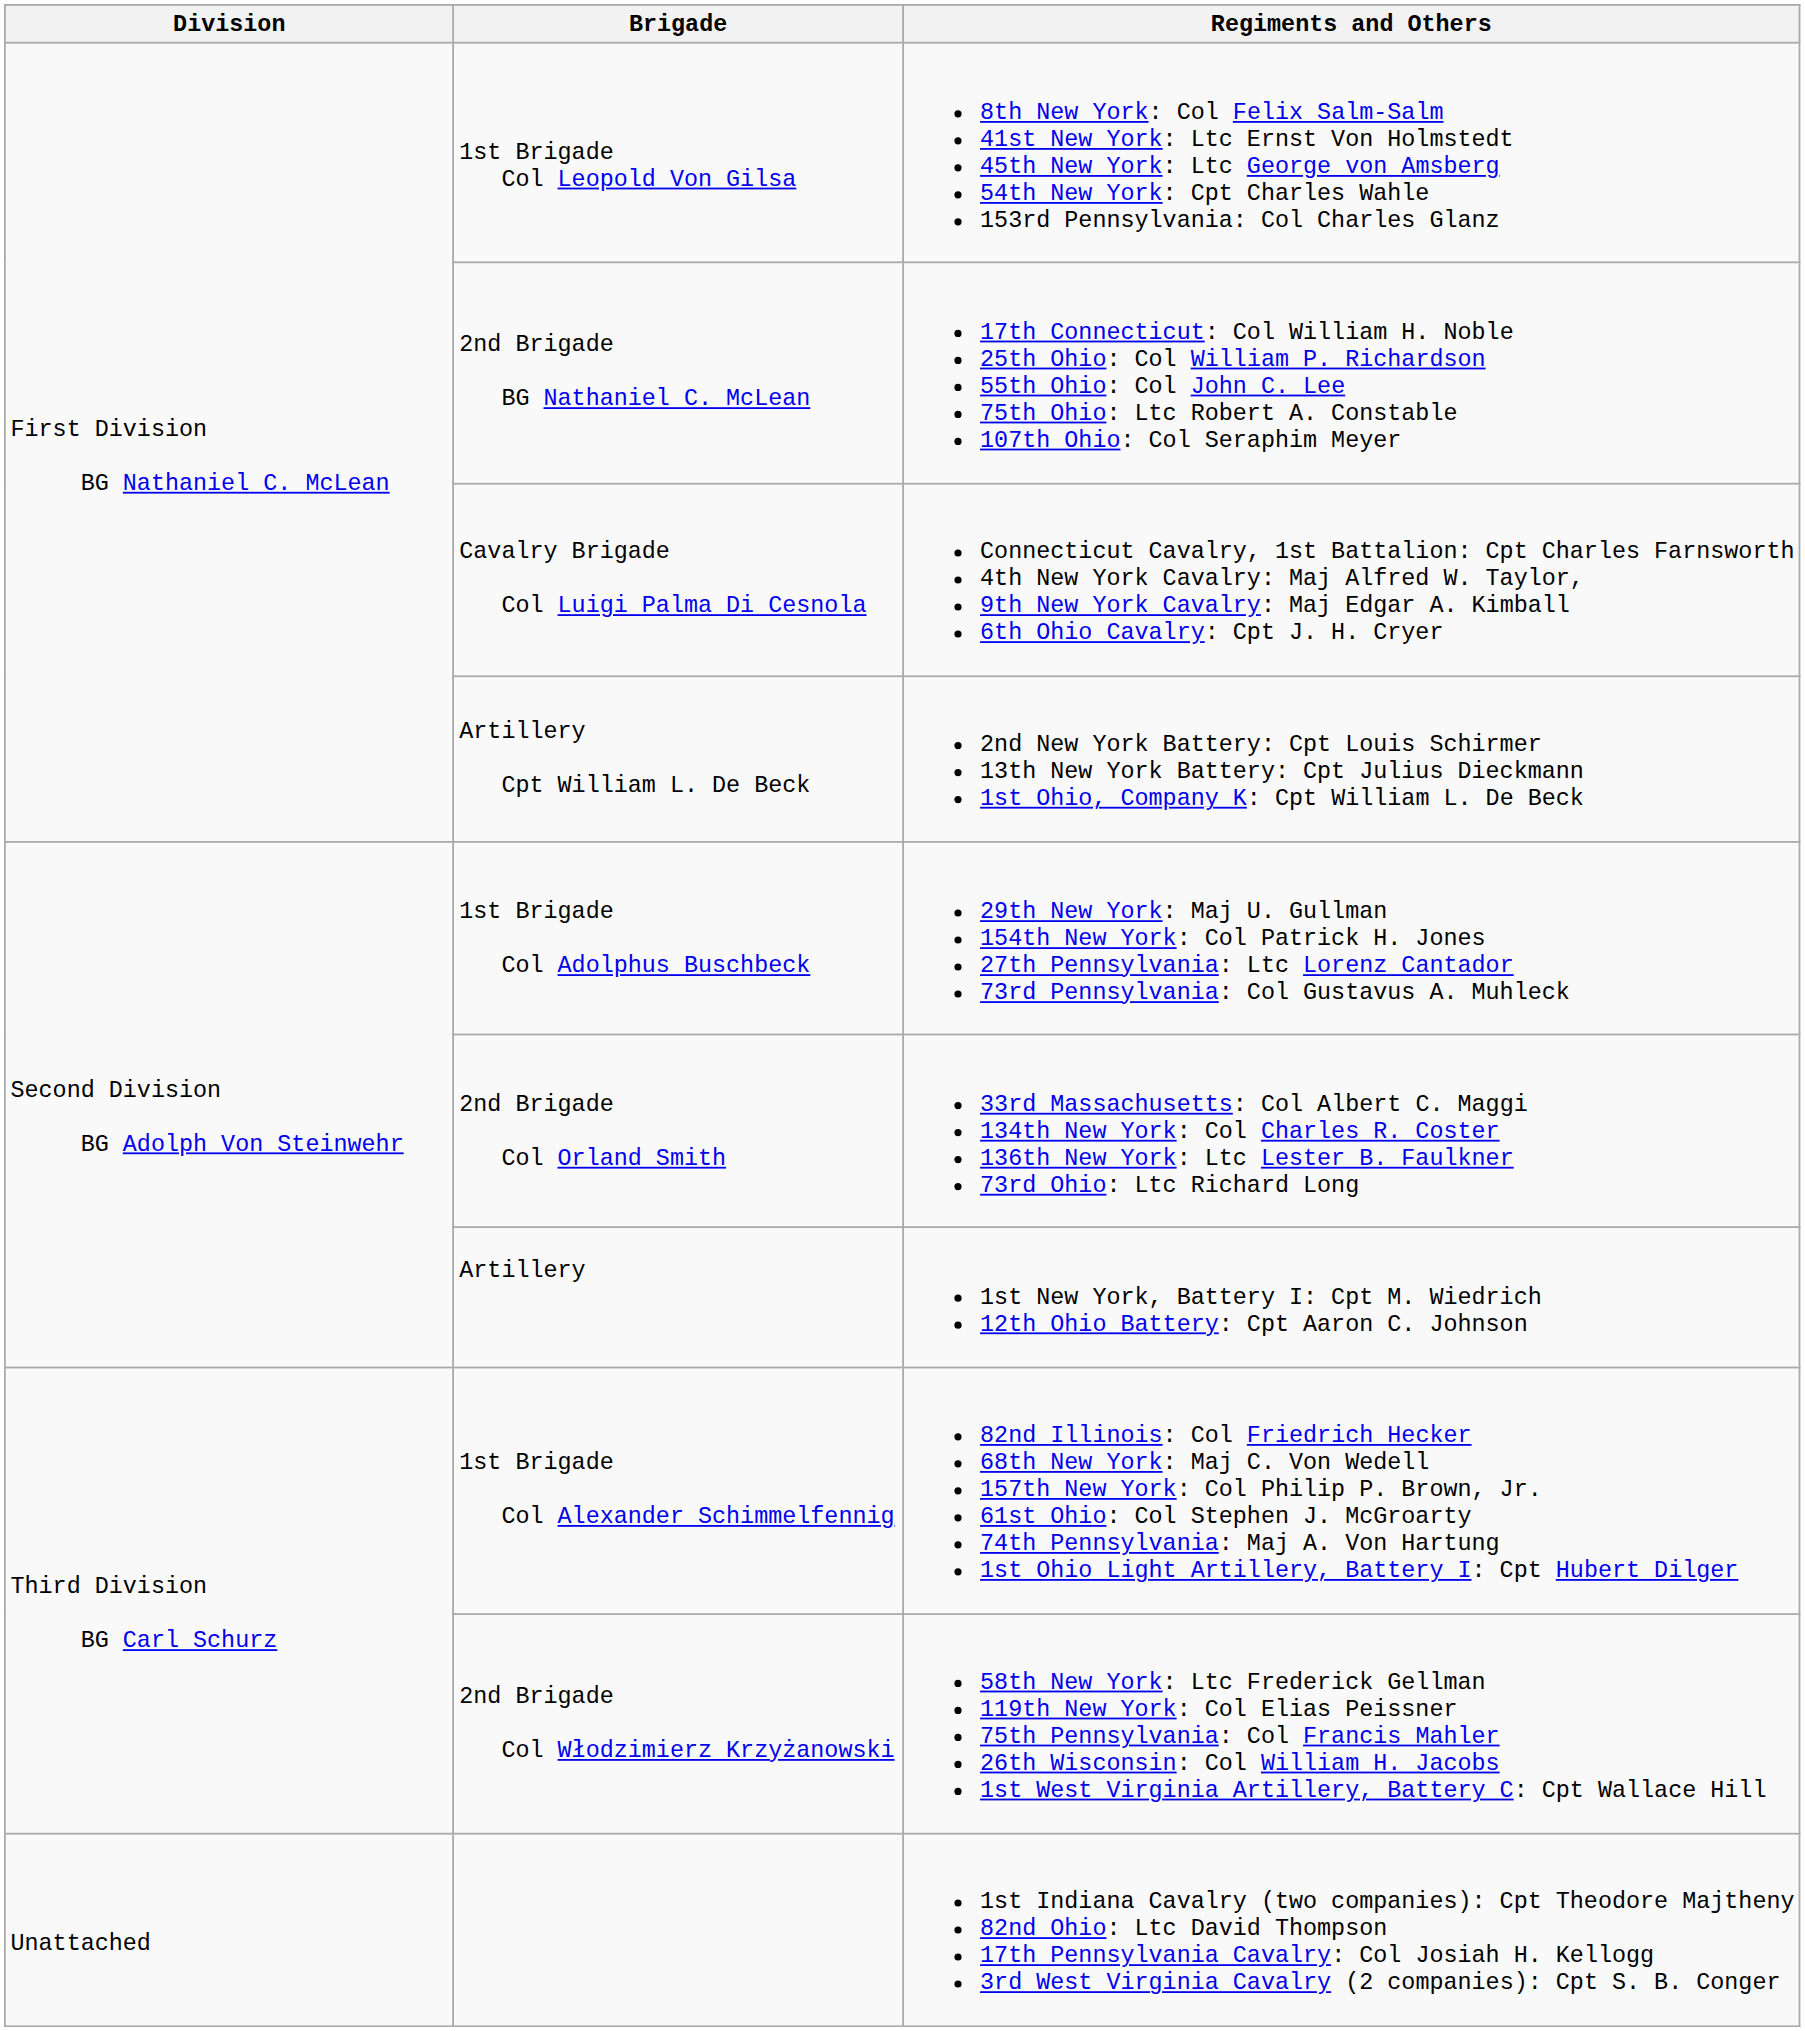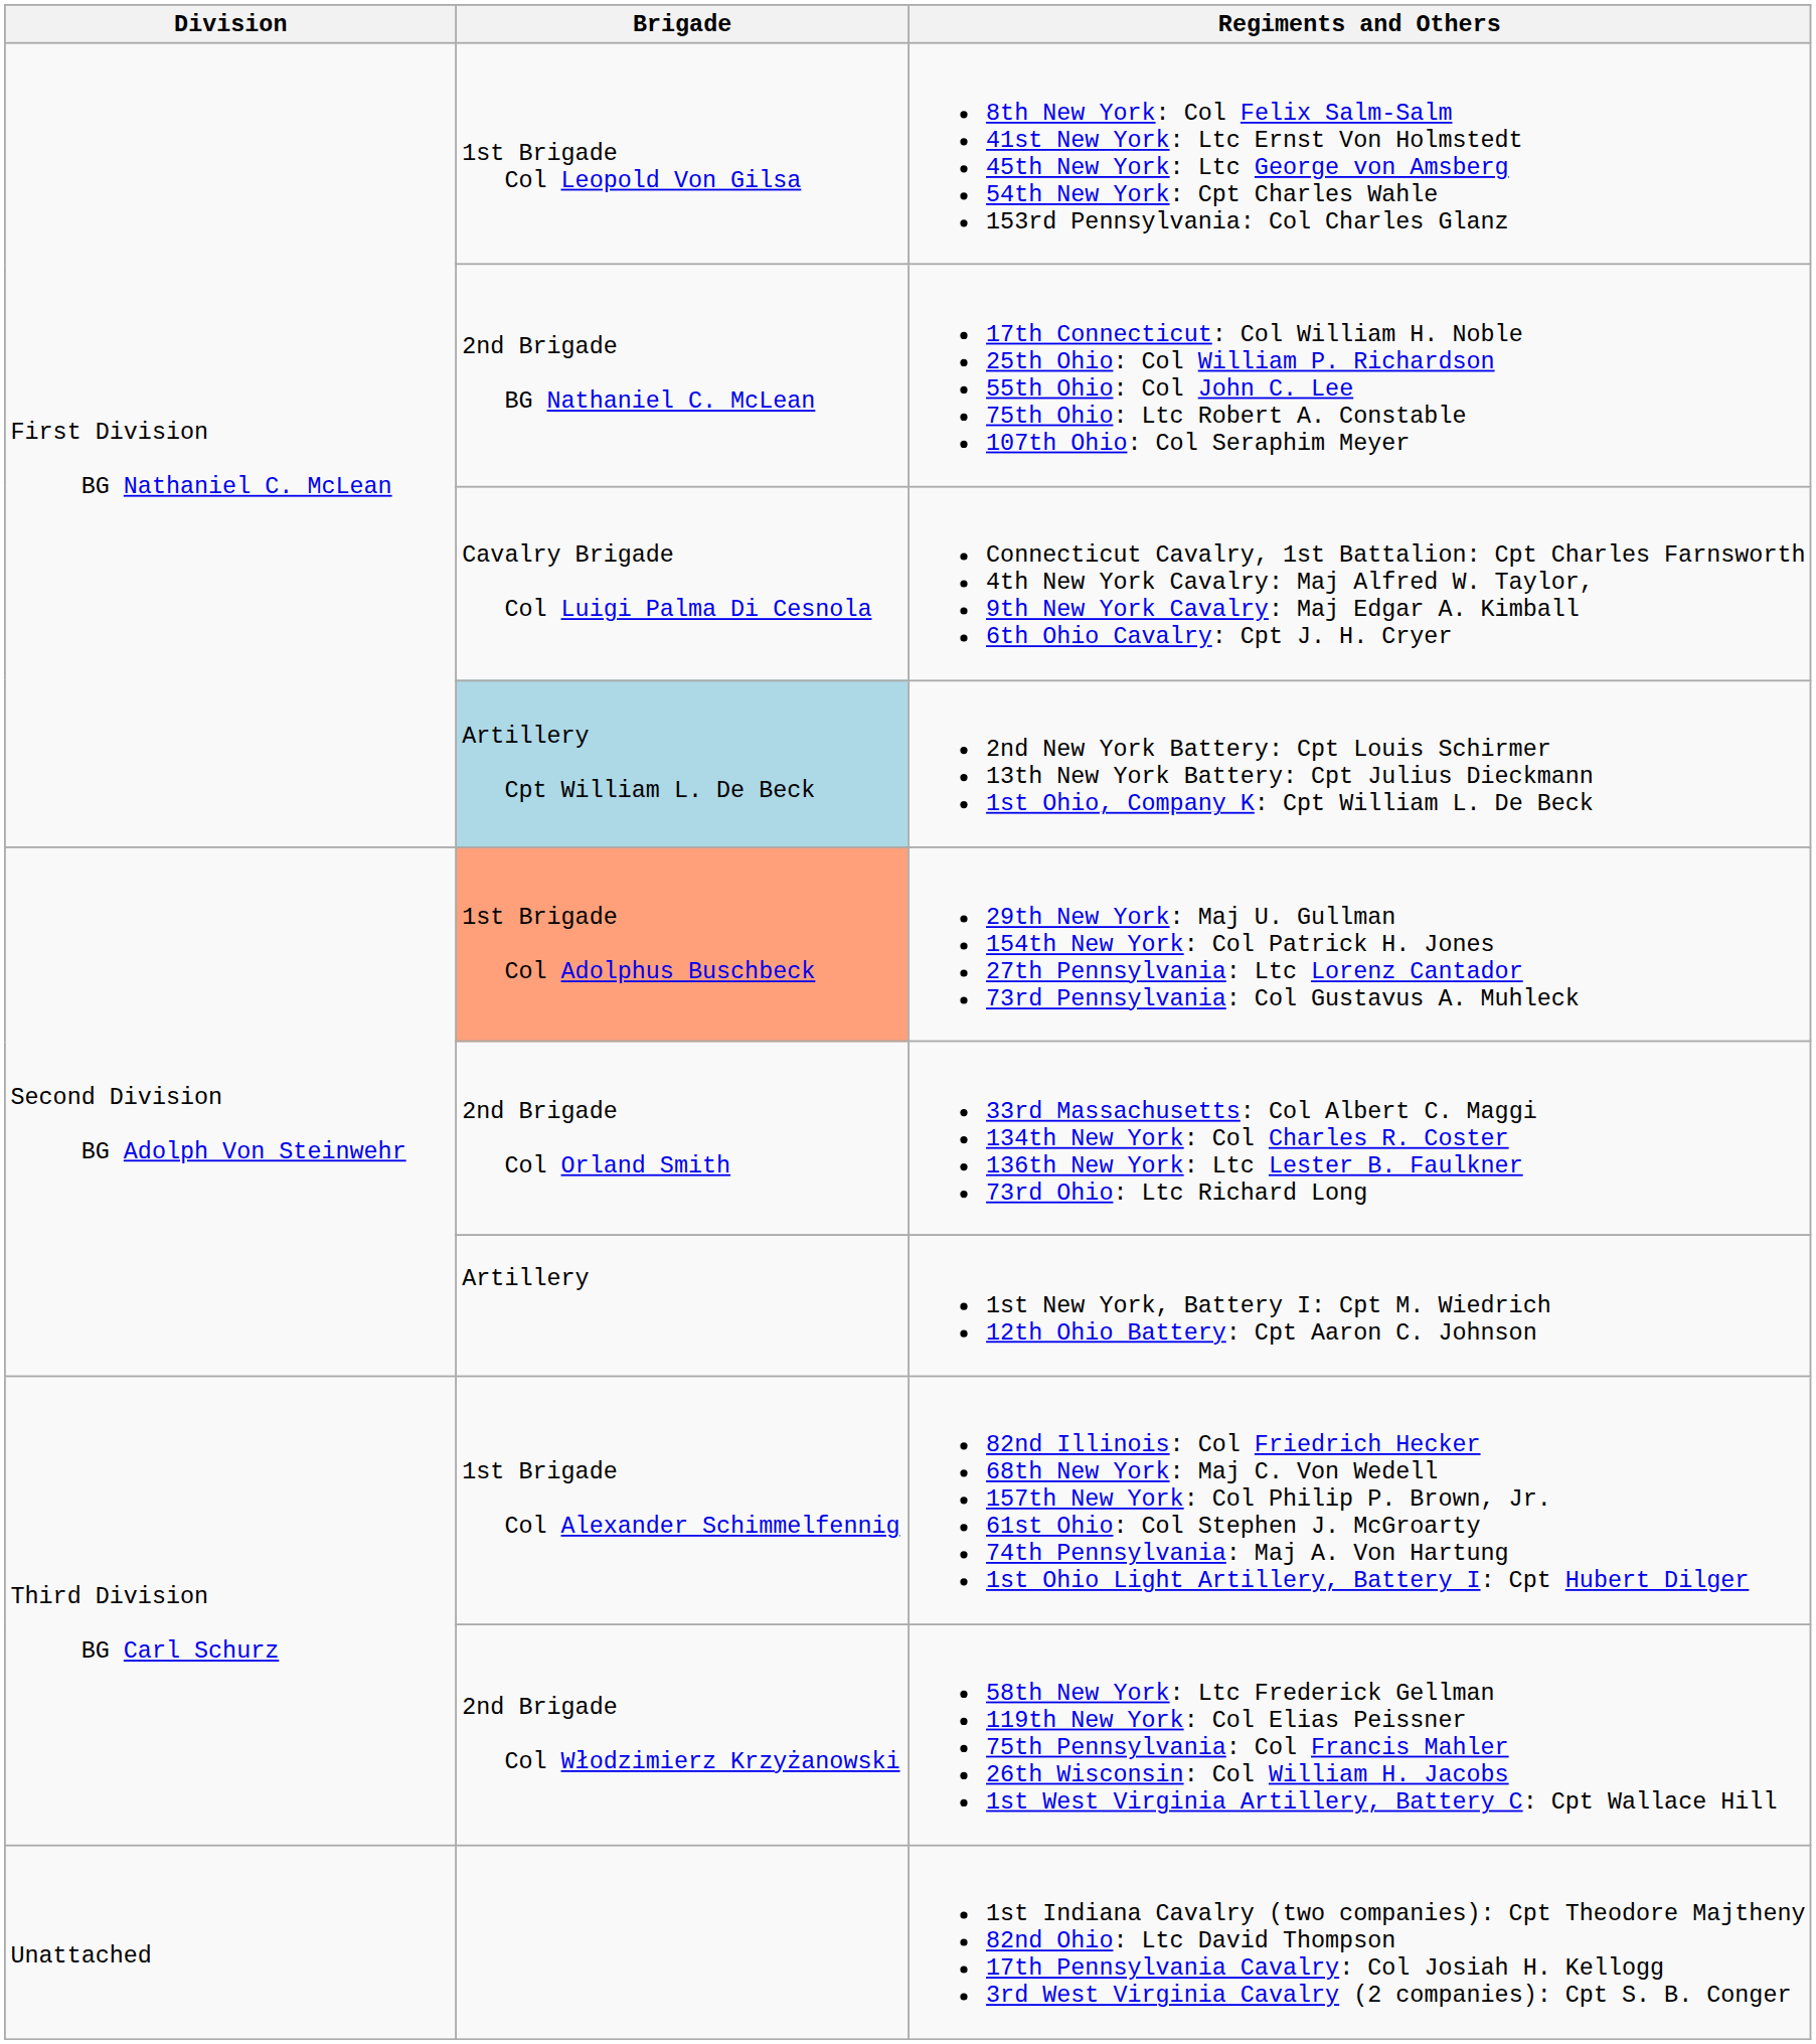 <table class="wikitable">
 <tr>
 <th width=25%>Division</th>
 <th width=25%>Brigade</th>
 <th>Regiments and Others</th>
 </tr>
 <tr>
 <td rowspan=4><br>First Division<br><br>     BG <a href='#'>Nathaniel C. McLean</a></td>
 <td><br>1st Brigade <br>   Col <a href='#'>Leopold Von Gilsa</a></td>
 <td><br><ul><li><a href='#'>8th New York</a>: Col <a href='#'>Felix Salm-Salm</a></li><li><a href='#'>41st New York</a>: Ltc Ernst Von Holmstedt</li><li><a href='#'>45th New York</a>: Ltc <a href='#'>George von Amsberg</a></li><li><a href='#'>54th New York</a>: Cpt Charles Wahle</li><li>153rd Pennsylvania: Col Charles Glanz</li></ul></td>
 </tr>
 <tr>
 <td>2nd Brigade<br><br>   BG <a href='#'>Nathaniel C. McLean</a></td>
 <td><br><ul><li><a href='#'>17th Connecticut</a>: Col William H. Noble</li><li><a href='#'>25th Ohio</a>: Col <a href='#'>William P. Richardson</a></li><li><a href='#'>55th Ohio</a>: Col <a href='#'>John C. Lee</a></li><li><a href='#'>75th Ohio</a>: Ltc Robert A. Constable</li><li><a href='#'>107th Ohio</a>: Col Seraphim Meyer</li></ul></td>
 </tr>
 <tr>
 <td>Cavalry Brigade<br><br>   Col <a href='#'>Luigi Palma Di Cesnola</a></td>
 <td><br><ul><li>Connecticut Cavalry, 1st Battalion: Cpt Charles Farnsworth</li><li>4th New York Cavalry: Maj Alfred W. Taylor,</li><li><a href='#'>9th New York Cavalry</a>: Maj Edgar A. Kimball</li><li><a href='#'>6th Ohio Cavalry</a>: Cpt J. H. Cryer</li></ul></td>
 </tr>
 <tr>
-<td>Artillery<br><br>   Cpt William L. De Beck</td>
+<td style="background: lightblue;">Artillery<br><br>   Cpt William L. De Beck</td>
 <td><br><ul><li>2nd New York Battery: Cpt Louis Schirmer</li><li>13th New York Battery: Cpt Julius Dieckmann</li><li><a href='#'>1st Ohio, Company K</a>: Cpt William L. De Beck</li></ul></td>
 </tr>
 <tr>
 <td rowspan=3><br>Second Division<br><br>     BG <a href='#'>Adolph Von Steinwehr</a></td>
-<td>1st Brigade<br><br>   Col <a href='#'>Adolphus Buschbeck</a></td>
+<td style="background: lightsalmon;">1st Brigade<br><br>   Col <a href='#'>Adolphus Buschbeck</a></td>
 <td><br><ul><li><a href='#'>29th New York</a>: Maj U. Gullman</li><li><a href='#'>154th New York</a>: Col Patrick H. Jones</li><li><a href='#'>27th Pennsylvania</a>: Ltc <a href='#'>Lorenz Cantador</a></li><li><a href='#'>73rd Pennsylvania</a>: Col Gustavus A. Muhleck</li></ul></td>
 </tr>
 <tr>
 <td>2nd Brigade<br><br>   Col <a href='#'>Orland Smith</a></td>
 <td><br><ul><li><a href='#'>33rd Massachusetts</a>: Col Albert C. Maggi</li><li><a href='#'>134th New York</a>: Col <a href='#'>Charles R. Coster</a></li><li><a href='#'>136th New York</a>: Ltc <a href='#'>Lester B. Faulkner</a></li><li><a href='#'>73rd Ohio</a>: Ltc Richard Long</li></ul></td>
 </tr>
 <tr>
 <td>Artillery<br><br>  </td>
 <td><br><ul><li>1st New York, Battery I: Cpt M. Wiedrich</li><li><a href='#'>12th Ohio Battery</a>: Cpt Aaron C. Johnson</li></ul></td>
 </tr>
 <tr>
 <td rowspan=2><br>Third Division<br><br>     BG <a href='#'>Carl Schurz</a></td>
 <td>1st Brigade<br><br>   Col <a href='#'>Alexander Schimmelfennig</a></td>
 <td><br><ul><li><a href='#'>82nd Illinois</a>: Col <a href='#'>Friedrich Hecker</a></li><li><a href='#'>68th New York</a>: Maj C. Von Wedell</li><li><a href='#'>157th New York</a>: Col Philip P. Brown, Jr.</li><li><a href='#'>61st Ohio</a>: Col Stephen J. McGroarty</li><li><a href='#'>74th Pennsylvania</a>: Maj A. Von Hartung</li><li><a href='#'>1st Ohio Light Artillery, Battery I</a>: Cpt <a href='#'>Hubert Dilger</a></li></ul></td>
 </tr>
 <tr>
 <td>2nd Brigade<br><br>   Col <a href='#'>Włodzimierz Krzyżanowski</a></td>
 <td><br><ul><li><a href='#'>58th New York</a>: Ltc Frederick Gellman</li><li><a href='#'>119th New York</a>: Col Elias Peissner</li><li><a href='#'>75th Pennsylvania</a>: Col <a href='#'>Francis Mahler</a></li><li><a href='#'>26th Wisconsin</a>: Col <a href='#'>William H. Jacobs</a></li><li><a href='#'>1st West Virginia Artillery, Battery C</a>: Cpt Wallace Hill</li></ul></td>
 </tr>
 <tr>
 <td rowspan=1><br>Unattached</td>
 <td></td>
 <td><br><ul><li>1st Indiana Cavalry (two companies): Cpt Theodore Majtheny</li><li><a href='#'>82nd Ohio</a>: Ltc David Thompson</li><li><a href='#'>17th Pennsylvania Cavalry</a>: Col Josiah H. Kellogg</li><li><a href='#'>3rd West Virginia Cavalry</a> (2 companies): Cpt S. B. Conger</li></ul></td>
 </tr>
 </table>
